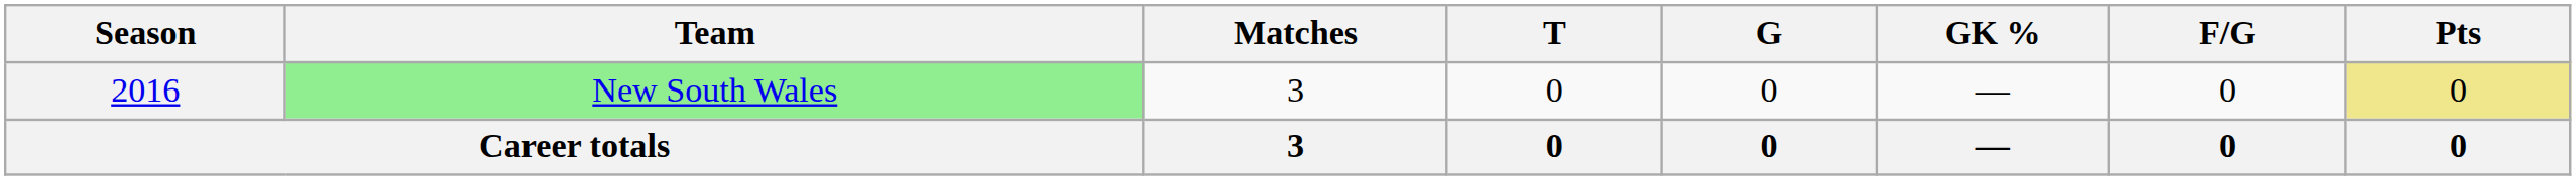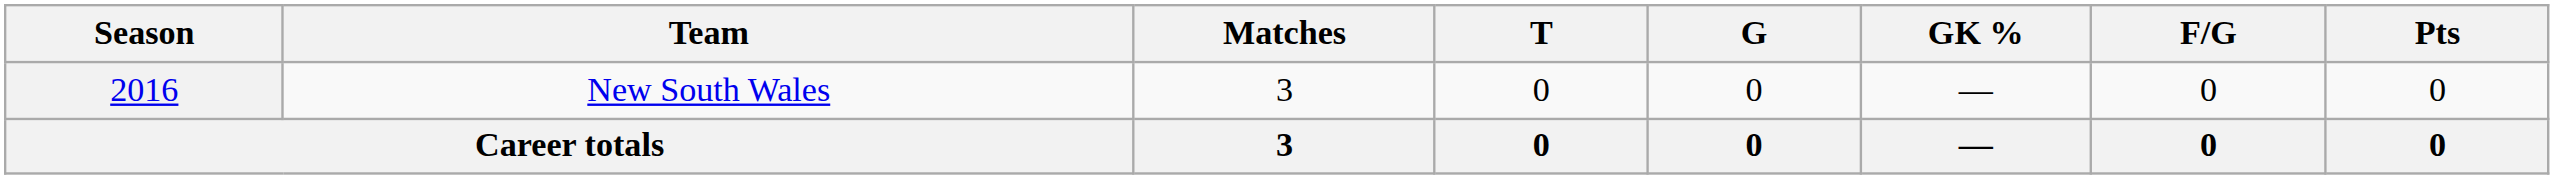 <table class="wikitable sortable"  style="font-size:90%; text-align:center; width:85%;">
 <tr>
 <th width=2%>Season</th>
 <th width=8%>Team</th>
 <th width=2%>Matches</th>
 <th width=2%>T</th>
 <th width=2%>G</th>
 <th width=2%>GK %</th>
 <th width=2%>F/G</th>
 <th width=2%>Pts</th>
 </tr>
 <tr>
 <th scope="row" style="text-align:center; font-weight:normal"><a href='#'>2016</a></th>
-<td style="background: lightgreen; text-align:center;"> <a href='#'>New South Wales</a></td>
+<td style="text-align:center;"> <a href='#'>New South Wales</a></td>
 <td>3</td>
 <td>0</td>
 <td>0</td>
 <td>—</td>
 <td>0</td>
-<td style="background: khaki;">0</td>
+<td>0</td>
 </tr>
 <tr class="sortbottom">
 <th colspan=2>Career totals</th>
 <th>3</th>
 <th>0</th>
 <th>0</th>
 <th>—</th>
 <th>0</th>
 <th>0</th>
 </tr>
 </table>
